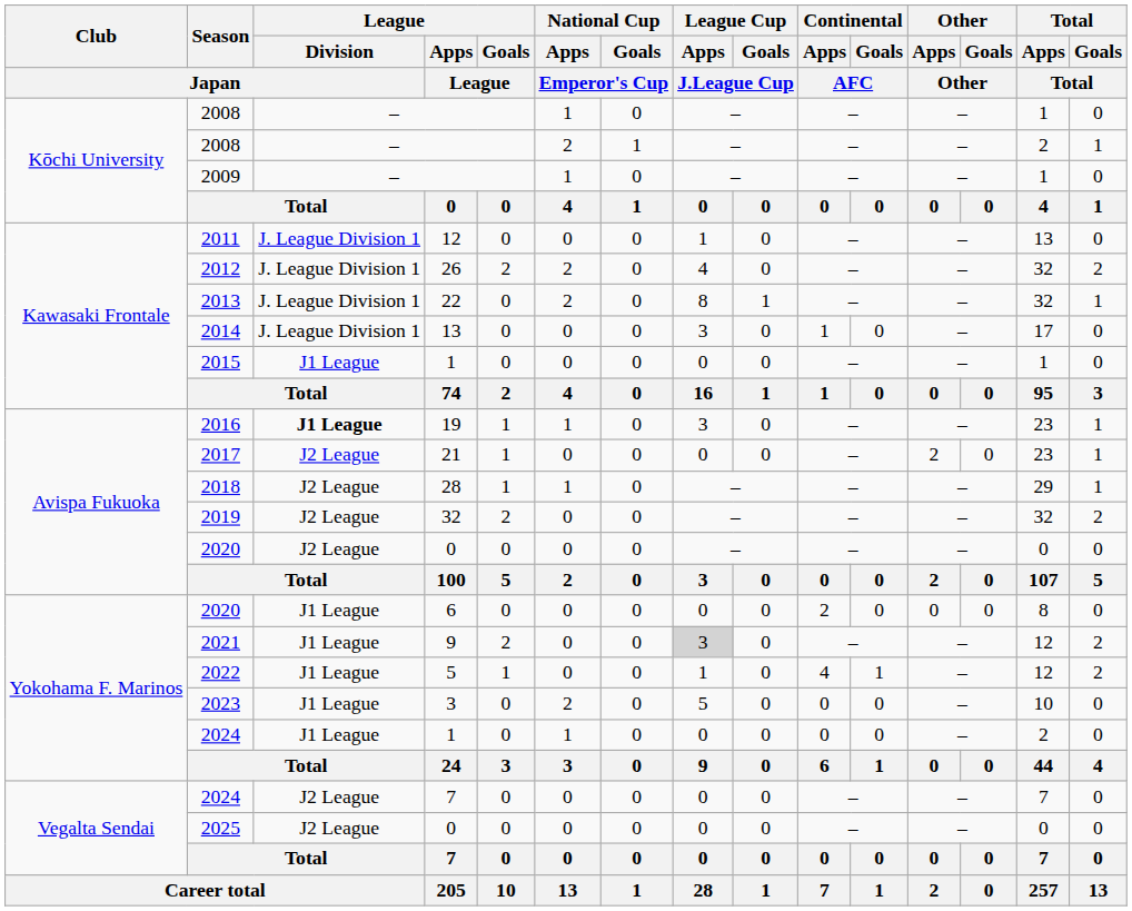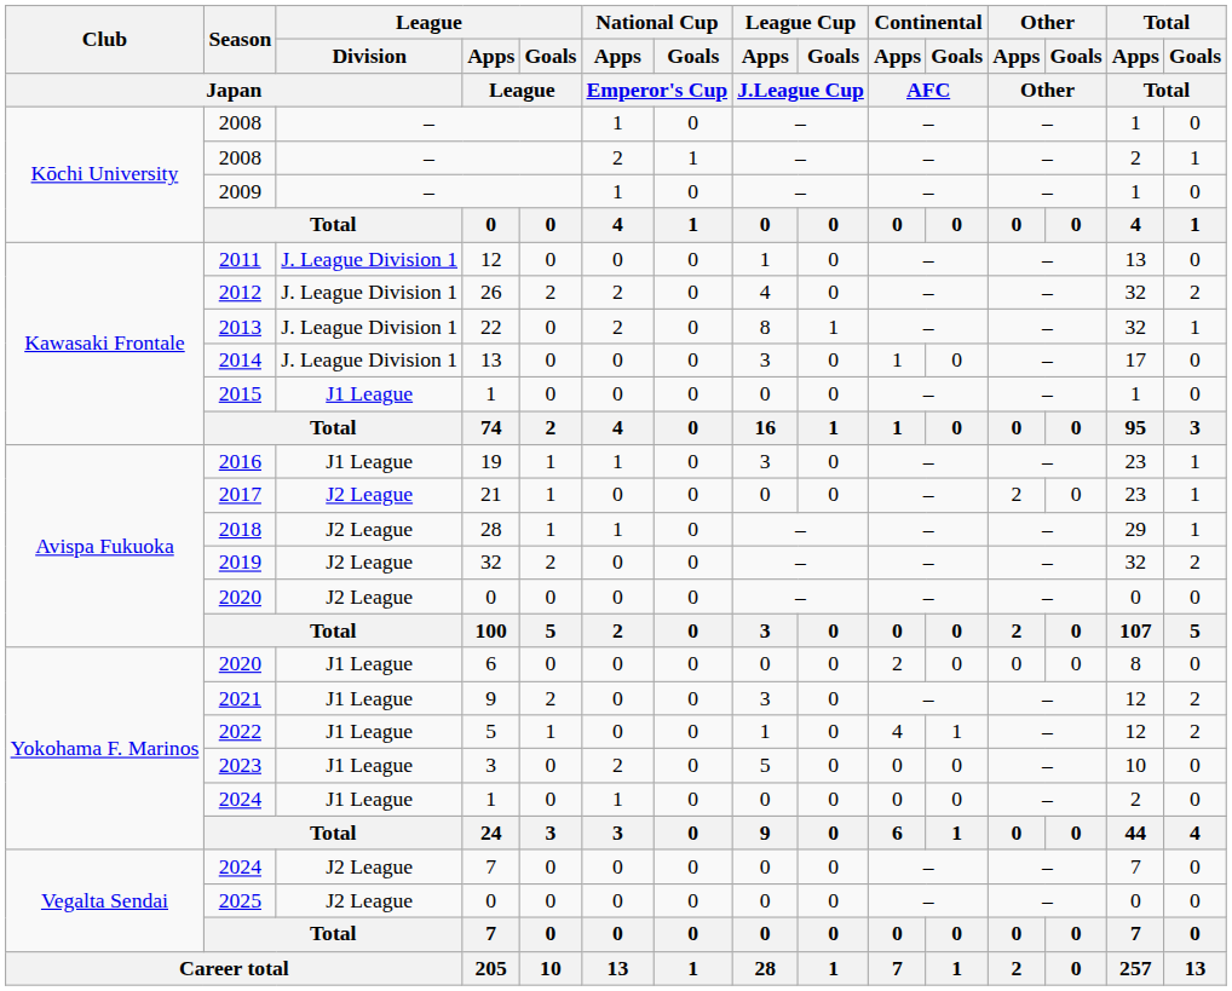 <table class="wikitable" style="text-align: center">
 <tr>
 <th rowspan="2">Club</th>
 <th rowspan="2">Season</th>
 <th colspan="3">League</th>
 <th colspan="2">National Cup</th>
 <th colspan="2">League Cup</th>
 <th colspan="2">Continental</th>
 <th colspan="2">Other</th>
 <th colspan="2">Total</th>
 </tr>
 <tr>
 <th>Division</th>
 <th>Apps</th>
 <th>Goals</th>
 <th>Apps</th>
 <th>Goals</th>
 <th>Apps</th>
 <th>Goals</th>
 <th>Apps</th>
 <th>Goals</th>
 <th>Apps</th>
 <th>Goals</th>
 <th>Apps</th>
 <th>Goals</th>
 </tr>
 <tr>
 <th colspan=3>Japan</th>
 <th colspan=2>League</th>
 <th colspan=2><a href='#'>Emperor's Cup</a></th>
 <th colspan=2><a href='#'>J.League Cup</a></th>
 <th colspan=2><a href='#'>AFC</a></th>
 <th colspan=2>Other</th>
 <th colspan=2>Total</th>
 </tr>
 <tr>
 <td rowspan="4"><a href='#'>Kōchi University</a></td>
 <td>2008</td>
 <td colspan="3">–</td>
 <td>1</td>
 <td>0</td>
 <td colspan="2">–</td>
 <td colspan="2">–</td>
 <td colspan="2">–</td>
 <td>1</td>
 <td>0</td>
 </tr>
 <tr>
 <td>2008</td>
 <td colspan="3">–</td>
 <td>2</td>
 <td>1</td>
 <td colspan="2">–</td>
 <td colspan="2">–</td>
 <td colspan="2">–</td>
 <td>2</td>
 <td>1</td>
 </tr>
 <tr>
 <td>2009</td>
 <td colspan="3">–</td>
 <td>1</td>
 <td>0</td>
 <td colspan="2">–</td>
 <td colspan="2">–</td>
 <td colspan="2">–</td>
 <td>1</td>
 <td>0</td>
 </tr>
 <tr>
 <th colspan=2>Total</th>
 <th>0</th>
 <th>0</th>
 <th>4</th>
 <th>1</th>
 <th>0</th>
 <th>0</th>
 <th>0</th>
 <th>0</th>
 <th>0</th>
 <th>0</th>
 <th>4</th>
 <th>1</th>
 </tr>
 <tr>
 <td rowspan="6"><a href='#'>Kawasaki Frontale</a></td>
 <td><a href='#'>2011</a></td>
 <td><a href='#'>J. League Division 1</a></td>
 <td>12</td>
 <td>0</td>
 <td>0</td>
 <td>0</td>
 <td>1</td>
 <td>0</td>
 <td colspan="2">–</td>
 <td colspan="2">–</td>
 <td>13</td>
 <td>0</td>
 </tr>
 <tr>
 <td><a href='#'>2012</a></td>
 <td>J. League Division 1</td>
 <td>26</td>
 <td>2</td>
 <td>2</td>
 <td>0</td>
 <td>4</td>
 <td>0</td>
 <td colspan="2">–</td>
 <td colspan="2">–</td>
 <td>32</td>
 <td>2</td>
 </tr>
 <tr>
 <td><a href='#'>2013</a></td>
 <td>J. League Division 1</td>
 <td>22</td>
 <td>0</td>
 <td>2</td>
 <td>0</td>
 <td>8</td>
 <td>1</td>
 <td colspan="2">–</td>
 <td colspan="2">–</td>
 <td>32</td>
 <td>1</td>
 </tr>
 <tr>
 <td><a href='#'>2014</a></td>
 <td>J. League Division 1</td>
 <td>13</td>
 <td>0</td>
 <td>0</td>
 <td>0</td>
 <td>3</td>
 <td>0</td>
 <td>1</td>
 <td>0</td>
 <td colspan="2">–</td>
 <td>17</td>
 <td>0</td>
 </tr>
 <tr>
 <td><a href='#'>2015</a></td>
 <td><a href='#'>J1 League</a></td>
 <td>1</td>
 <td>0</td>
 <td>0</td>
 <td>0</td>
 <td>0</td>
 <td>0</td>
 <td colspan="2">–</td>
 <td colspan="2">–</td>
 <td>1</td>
 <td>0</td>
 </tr>
 <tr>
 <th colspan=2>Total</th>
 <th>74</th>
 <th>2</th>
 <th>4</th>
 <th>0</th>
 <th>16</th>
 <th>1</th>
 <th>1</th>
 <th>0</th>
 <th>0</th>
 <th>0</th>
 <th>95</th>
 <th>3</th>
 </tr>
 <tr>
 <td rowspan="6"><a href='#'>Avispa Fukuoka</a></td>
 <td><a href='#'>2016</a></td>
-<td><strong>J1 League</strong></td>
+<td>J1 League</td>
 <td>19</td>
 <td>1</td>
 <td>1</td>
 <td>0</td>
 <td>3</td>
 <td>0</td>
 <td colspan="2">–</td>
 <td colspan="2">–</td>
 <td>23</td>
 <td>1</td>
 </tr>
 <tr>
 <td><a href='#'>2017</a></td>
 <td><a href='#'>J2 League</a></td>
 <td>21</td>
 <td>1</td>
 <td>0</td>
 <td>0</td>
 <td>0</td>
 <td>0</td>
 <td colspan="2">–</td>
 <td>2</td>
 <td>0</td>
 <td>23</td>
 <td>1</td>
 </tr>
 <tr>
 <td><a href='#'>2018</a></td>
 <td>J2 League</td>
 <td>28</td>
 <td>1</td>
 <td>1</td>
 <td>0</td>
 <td colspan="2">–</td>
 <td colspan="2">–</td>
 <td colspan="2">–</td>
 <td>29</td>
 <td>1</td>
 </tr>
 <tr>
 <td><a href='#'>2019</a></td>
 <td>J2 League</td>
 <td>32</td>
 <td>2</td>
 <td>0</td>
 <td>0</td>
 <td colspan="2">–</td>
 <td colspan="2">–</td>
 <td colspan="2">–</td>
 <td>32</td>
 <td>2</td>
 </tr>
 <tr>
 <td><a href='#'>2020</a></td>
 <td>J2 League</td>
 <td>0</td>
 <td>0</td>
 <td>0</td>
 <td>0</td>
 <td colspan="2">–</td>
 <td colspan="2">–</td>
 <td colspan="2">–</td>
 <td>0</td>
 <td>0</td>
 </tr>
 <tr>
 <th colspan=2>Total</th>
 <th>100</th>
 <th>5</th>
 <th>2</th>
 <th>0</th>
 <th>3</th>
 <th>0</th>
 <th>0</th>
 <th>0</th>
 <th>2</th>
 <th>0</th>
 <th>107</th>
 <th>5</th>
 </tr>
 <tr>
 <td rowspan="6"><a href='#'>Yokohama F. Marinos</a></td>
 <td><a href='#'>2020</a></td>
 <td>J1 League</td>
 <td>6</td>
 <td>0</td>
 <td>0</td>
 <td>0</td>
 <td>0</td>
 <td>0</td>
 <td>2</td>
 <td>0</td>
 <td>0</td>
 <td>0</td>
 <td>8</td>
 <td>0</td>
 </tr>
 <tr>
 <td><a href='#'>2021</a></td>
 <td>J1 League</td>
 <td>9</td>
 <td>2</td>
 <td>0</td>
 <td>0</td>
-<td style="background: lightgrey;">3</td>
+<td>3</td>
 <td>0</td>
 <td colspan="2">–</td>
 <td colspan="2">–</td>
 <td>12</td>
 <td>2</td>
 </tr>
 <tr>
 <td><a href='#'>2022</a></td>
 <td>J1 League</td>
 <td>5</td>
 <td>1</td>
 <td>0</td>
 <td>0</td>
 <td>1</td>
 <td>0</td>
 <td>4</td>
 <td>1</td>
 <td colspan="2">–</td>
 <td>12</td>
 <td>2</td>
 </tr>
 <tr>
 <td><a href='#'>2023</a></td>
 <td>J1 League</td>
 <td>3</td>
 <td>0</td>
 <td>2</td>
 <td>0</td>
 <td>5</td>
 <td>0</td>
 <td>0</td>
 <td>0</td>
 <td colspan="2">–</td>
 <td>10</td>
 <td>0</td>
 </tr>
 <tr>
 <td><a href='#'>2024</a></td>
 <td>J1 League</td>
 <td>1</td>
 <td>0</td>
 <td>1</td>
 <td>0</td>
 <td>0</td>
 <td>0</td>
 <td>0</td>
 <td>0</td>
 <td colspan="2">–</td>
 <td>2</td>
 <td>0</td>
 </tr>
 <tr>
 <th colspan=2>Total</th>
 <th>24</th>
 <th>3</th>
 <th>3</th>
 <th>0</th>
 <th>9</th>
 <th>0</th>
 <th>6</th>
 <th>1</th>
 <th>0</th>
 <th>0</th>
 <th>44</th>
 <th>4</th>
 </tr>
 <tr>
 <td rowspan="3"><a href='#'>Vegalta Sendai</a></td>
 <td><a href='#'>2024</a></td>
 <td>J2 League</td>
 <td>7</td>
 <td>0</td>
 <td>0</td>
 <td>0</td>
 <td>0</td>
 <td>0</td>
 <td colspan="2">–</td>
 <td colspan="2">–</td>
 <td>7</td>
 <td>0</td>
 </tr>
 <tr>
 <td><a href='#'>2025</a></td>
 <td>J2 League</td>
 <td>0</td>
 <td>0</td>
 <td>0</td>
 <td>0</td>
 <td>0</td>
 <td>0</td>
 <td colspan="2">–</td>
 <td colspan="2">–</td>
 <td>0</td>
 <td>0</td>
 </tr>
 <tr>
 <th colspan=2>Total</th>
 <th>7</th>
 <th>0</th>
 <th>0</th>
 <th>0</th>
 <th>0</th>
 <th>0</th>
 <th>0</th>
 <th>0</th>
 <th>0</th>
 <th>0</th>
 <th>7</th>
 <th>0</th>
 </tr>
 <tr>
 <th colspan=3>Career total</th>
 <th>205</th>
 <th>10</th>
 <th>13</th>
 <th>1</th>
 <th>28</th>
 <th>1</th>
 <th>7</th>
 <th>1</th>
 <th>2</th>
 <th>0</th>
 <th>257</th>
 <th>13</th>
 </tr>
 </table>
